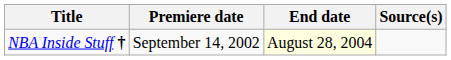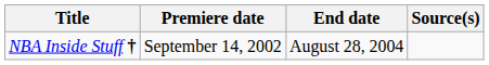 <table class="wikitable sortable">
 <tr>
 <th>Title</th>
 <th>Premiere date</th>
 <th>End date</th>
 <th>Source(s)</th>
 </tr>
 <tr>
 <td><em><a href='#'>NBA Inside Stuff</a></em> <strong>†</strong></td>
 <td>September 14, 2002</td>
-<td style="background: lightyellow;">August 28, 2004</td>
+<td>August 28, 2004</td>
 </tr>
 </table>
